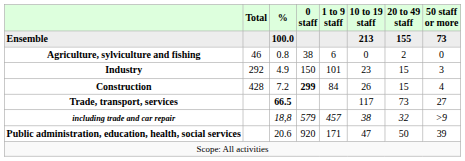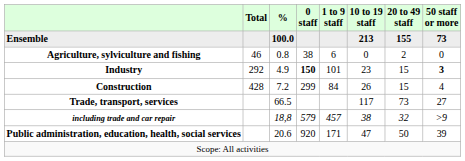 <table class="wikitable centre" style="text-align:center;">
 <tr>
 <th scope="col" style="background: #DDFFDD; color:black;"></th>
 <th scope="col" style="background: #DDFFDD; color:black;">Total</th>
 <th scope="col" style="background: #DDFFDD; color:black;">%</th>
 <th scope="col" style="background: #DDFFDD; color:black;">0 <br>staff</th>
 <th scope="col" style="background: #DDFFDD; color:black;">1 to 9 <br>staff</th>
 <th scope="col" style="background: #DDFFDD; color:black;">10 to 19 <br>staff</th>
 <th scope="col" style="background: #DDFFDD; color:black;">20 to 49 <br>staff</th>
 <th scope="col" style="background: #DDFFDD; color:black;">50 staff <br>or more</th>
 </tr>
 <tr>
 <th scope=row style="background: #EDEDED; text-align:left; color:black;">Ensemble</th>
 <td style="background: #EDEDED; color:black;"><strong></strong></td>
 <td style="background: #EDEDED; color:black;"><strong>100.0</strong></td>
 <td style="background: #EDEDED; color:black;"><strong></strong></td>
 <td style="background: #EDEDED; color:black;"><strong></strong></td>
 <td style="background: #EDEDED; color:black;"><strong>213</strong></td>
 <td style="background: #EDEDED; color:black;"><strong>155</strong></td>
 <td style="background: #EDEDED; color:black;"><strong>73</strong></td>
 </tr>
 <tr>
 <th scope="row" style="background: #FFFFFF; color:black;">Agriculture, sylviculture and fishing</th>
 <td style="background: #FFFFFF; color:black;">46</td>
 <td style="background: #FFFFFF; color:black;">0.8</td>
 <td style="background: #FFFFFF; color:black;">38</td>
 <td style="background: #FFFFFF; color:black;">6</td>
 <td style="background: #FFFFFF; color:black;">0</td>
 <td style="background: #FFFFFF; color:black;">2</td>
 <td style="background: #FFFFFF; color:black;">0</td>
 </tr>
 <tr>
 <th scope="row" style="background: #FFFFFF; color:black;">Industry</th>
 <td style="background: #FFFFFF; color:black;">292</td>
 <td style="background: #FFFFFF; color:black;">4.9</td>
-<td style="background: #FFFFFF; color:black;">150</td>
+<td style="background: #FFFFFF; color:black;"><strong>150</strong></td>
 <td style="background: #FFFFFF; color:black;">101</td>
 <td style="background: #FFFFFF; color:black;">23</td>
 <td style="background: #FFFFFF; color:black;">15</td>
-<td style="background: #FFFFFF; color:black;">3</td>
+<td style="background: #FFFFFF; color:black;"><strong>3</strong></td>
 </tr>
 <tr>
 <th scope="row" style="background: #FFFFFF; color:black;">Construction</th>
 <td style="background: #FFFFFF; color:black;">428</td>
 <td style="background: #FFFFFF; color:black;">7.2</td>
-<td style="background: #FFFFFF; color:black;"><strong>299</strong></td>
+<td style="background: #FFFFFF; color:black;">299</td>
 <td style="background: #FFFFFF; color:black;">84</td>
 <td style="background: #FFFFFF; color:black;">26</td>
 <td style="background: #FFFFFF; color:black;">15</td>
 <td style="background: #FFFFFF; color:black;">4</td>
 </tr>
 <tr>
 <th scope="row" style="background: #FFFFFF; color:black;">Trade, transport, services</th>
 <td style="background: #FFFFFF; color:black;"></td>
-<td style="background: #FFFFFF; color:black;"><strong>66.5</strong></td>
+<td style="background: #FFFFFF; color:black;">66.5</td>
 <td style="background: #FFFFFF; color:black;"></td>
 <td style="background: #FFFFFF; color:black;"></td>
 <td style="background: #FFFFFF; color:black;">117</td>
 <td style="background: #FFFFFF; color:black;">73</td>
 <td style="background: #FFFFFF; color:black;">27</td>
 </tr>
 <tr>
 <th scope="row" style="background: #FFFFFF; color:black;" style="text-align:right;"><small><em>including trade and car repair</em></small></th>
 <td style="background: #FFFFFF; color:black;"><em></em></td>
 <td style="background: #FFFFFF; color:black;"><em>18,8</em></td>
 <td style="background: #FFFFFF; color:black;"><em>579</em></td>
 <td style="background: #FFFFFF; color:black;"><em>457</em></td>
 <td style="background: #FFFFFF; color:black;"><em>38</em></td>
 <td style="background: #FFFFFF; color:black;"><em>32</em></td>
 <td style="background: #FFFFFF; color:black;">><em>9</em></td>
 </tr>
 <tr>
 <th scope="row" style="background: #FFFFFF; color:black;">Public administration, education, health, social services</th>
 <td style="background: #FFFFFF; color:black;"></td>
 <td style="background: #FFFFFF; color:black;">20.6</td>
 <td style="background: #FFFFFF; color:black;">920</td>
 <td style="background: #FFFFFF; color:black;">171</td>
 <td style="background: #FFFFFF; color:black;">47</td>
 <td style="background: #FFFFFF; color:black;">50</td>
 <td style="background: #FFFFFF; color:black;">39</td>
 </tr>
 <tr>
 <td colspan="8" style="text-align:center;font-size:90%;">Scope: All activities</td>
 </tr>
 </table>
